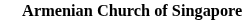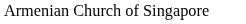 <table class="graytable">
 <tr>
 <td width="29%"></td>
 </tr>
 <tr>
-<td align="center"><strong>Armenian Church of Singapore</strong></td>
+<td align="center">Armenian Church of Singapore</td>
 </tr>
 </table>
